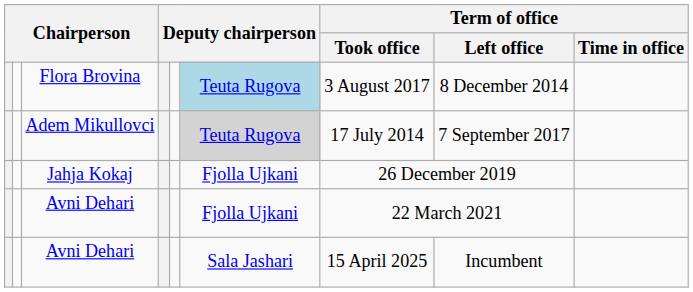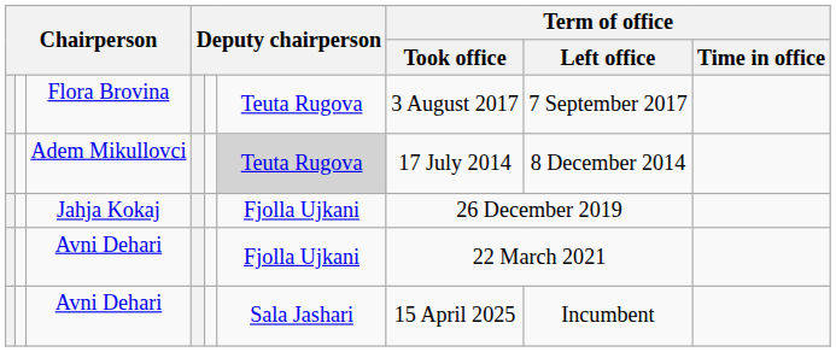 <table class="wikitable" style="text-align:center">
 <tr>
 <th colspan="3" rowspan="2">Chairperson<br></th>
 <th colspan="3" rowspan="2">Deputy chairperson<br></th>
 <th colspan="3">Term of office</th>
 </tr>
 <tr>
 <th>Took office</th>
 <th>Left office</th>
 <th>Time in office</th>
 </tr>
 <tr>
 <th style="background:"></th>
 <td></td>
 <td><a href='#'>Flora Brovina</a><br><br></td>
 <th style="background:"></th>
 <td></td>
-<td style="background: lightblue;"><a href='#'>Teuta Rugova</a><br></td>
+<td><a href='#'>Teuta Rugova</a><br></td>
 <td>3 August 2017</td>
-<td>8 December 2014</td>
+<td>7 September 2017</td>
 <td></td>
 </tr>
 <tr>
 <th style="background:"></th>
 <td></td>
 <td><a href='#'>Adem Mikullovci</a><br><br></td>
 <th style="background:"></th>
 <td></td>
 <td style="background: lightgrey;"><a href='#'>Teuta Rugova</a><br></td>
 <td>17 July 2014</td>
-<td>7 September 2017</td>
+<td>8 December 2014</td>
 <td></td>
 </tr>
 <tr>
 <th style="background:"></th>
 <td></td>
 <td><a href='#'>Jahja Kokaj</a><br></td>
 <th style="background:"></th>
 <td></td>
 <td><a href='#'>Fjolla Ujkani</a><br></td>
 <td colspan="2">26 December 2019</td>
 <td></td>
 </tr>
 <tr>
 <th style="background:"></th>
 <td></td>
 <td><a href='#'>Avni Dehari</a><br><br></td>
 <th style="background:"></th>
 <td></td>
 <td><a href='#'>Fjolla Ujkani</a><br></td>
 <td colspan="2">22 March 2021</td>
 <td></td>
 </tr>
 <tr>
 <th style="background:"></th>
 <td></td>
 <td><a href='#'>Avni Dehari</a><br><br></td>
 <th style="background:"></th>
 <td></td>
 <td><a href='#'>Sala Jashari</a><br></td>
 <td>15 April 2025</td>
 <td>Incumbent</td>
 <td></td>
 </tr>
 </table>
